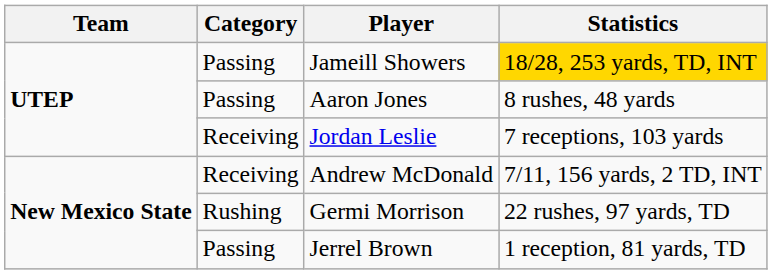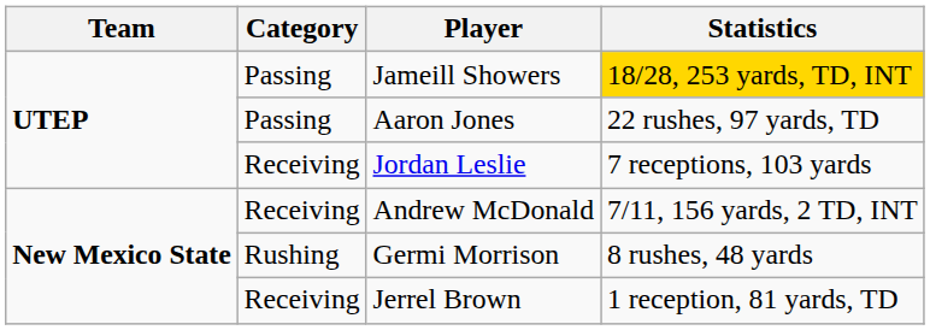 <table class="wikitable" style="float: left;">
 <tr>
 <th>Team</th>
 <th>Category</th>
 <th>Player</th>
 <th>Statistics</th>
 </tr>
 <tr>
 <td rowspan=3><strong>UTEP</strong></td>
 <td>Passing</td>
 <td>Jameill Showers</td>
 <td style="background: gold;">18/28, 253 yards, TD, INT</td>
 </tr>
 <tr>
 <td>Passing</td>
 <td>Aaron Jones</td>
-<td>8 rushes, 48 yards</td>
+<td>22 rushes, 97 yards, TD</td>
 </tr>
 <tr>
 <td>Receiving</td>
 <td><a href='#'>Jordan Leslie</a></td>
 <td>7 receptions, 103 yards</td>
 </tr>
 <tr>
 <td rowspan=3><strong>New Mexico State</strong></td>
 <td>Receiving</td>
 <td>Andrew McDonald</td>
 <td>7/11, 156 yards, 2 TD, INT</td>
 </tr>
 <tr>
 <td>Rushing</td>
 <td>Germi Morrison</td>
-<td>22 rushes, 97 yards, TD</td>
+<td>8 rushes, 48 yards</td>
 </tr>
 <tr>
-<td>Passing</td>
+<td>Receiving</td>
 <td>Jerrel Brown</td>
 <td>1 reception, 81 yards, TD</td>
 </tr>
 </table>
